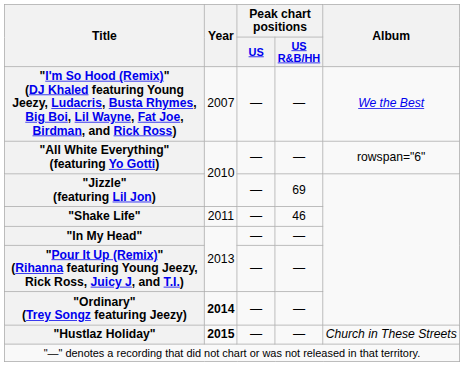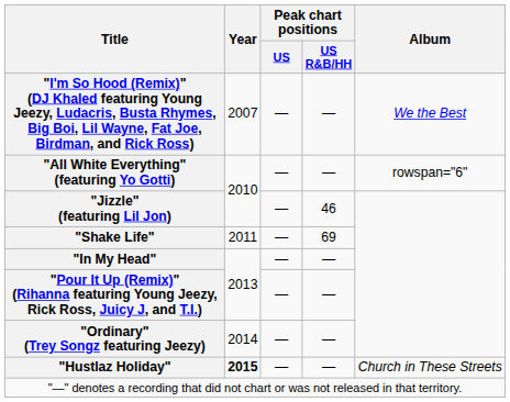 <table class="wikitable plainrowheaders" style="text-align:center;">
 <tr>
 <th scope="col" rowspan="2" style="width:16em;">Title</th>
 <th scope="col" rowspan="2">Year</th>
 <th scope="col" colspan="2">Peak chart positions</th>
 <th scope="col" rowspan="2">Album</th>
 </tr>
 <tr>
 <th style="width:3em; font-size:90%"><a href='#'>US</a></th>
 <th style="width:3em; font-size:90%"><a href='#'>US<br>R&B/HH</a><br></th>
 </tr>
 <tr>
 <th scope="row">"<a href='#'>I'm So Hood (Remix)</a>"<br><span>(<a href='#'>DJ Khaled</a> featuring Young Jeezy, <a href='#'>Ludacris</a>, <a href='#'>Busta Rhymes</a>, <a href='#'>Big Boi</a>, <a href='#'>Lil Wayne</a>, <a href='#'>Fat Joe</a>, <a href='#'>Birdman</a>, and <a href='#'>Rick Ross</a>)</span></th>
 <td>2007</td>
 <td>—</td>
 <td>—</td>
 <td><em><a href='#'>We the Best</a></em></td>
 </tr>
 <tr>
 <th scope="row">"All White Everything"<br><span>(featuring <a href='#'>Yo Gotti</a>)</span></th>
 <td rowspan="2">2010</td>
 <td>—</td>
 <td>—</td>
 <td>rowspan="6" </td>
 </tr>
 <tr>
 <th scope="row">"Jizzle"<br><span>(featuring <a href='#'>Lil Jon</a>)</span></th>
 <td>—</td>
-<td>69</td>
+<td>46</td>
 </tr>
 <tr>
 <th scope="row">"Shake Life"</th>
 <td>2011</td>
 <td>—</td>
-<td>46</td>
+<td>69</td>
 </tr>
 <tr>
 <th scope="row">"In My Head"</th>
 <td rowspan="2">2013</td>
 <td>—</td>
 <td>—</td>
 </tr>
 <tr>
 <th scope="row">"<a href='#'>Pour It Up (Remix)</a>"<br><span>(<a href='#'>Rihanna</a> featuring Young Jeezy, Rick Ross, <a href='#'>Juicy J</a>, and <a href='#'>T.I.</a>)</span></th>
 <td>—</td>
 <td>—</td>
 </tr>
 <tr>
 <th scope="row">"Ordinary"<br><span>(<a href='#'>Trey Songz</a> featuring Jeezy)</span></th>
-<td><strong>2014</strong></td>
+<td>2014</td>
 <td>—</td>
 <td>—</td>
 </tr>
 <tr>
 <th scope="row">"Hustlaz Holiday"</th>
 <td><strong>2015</strong></td>
 <td>—</td>
 <td>—</td>
 <td><em>Church in These Streets</em></td>
 </tr>
 <tr>
 <td colspan="8" style="font-size:90%">"—" denotes a recording that did not chart or was not released in that territory.</td>
 </tr>
 </table>
